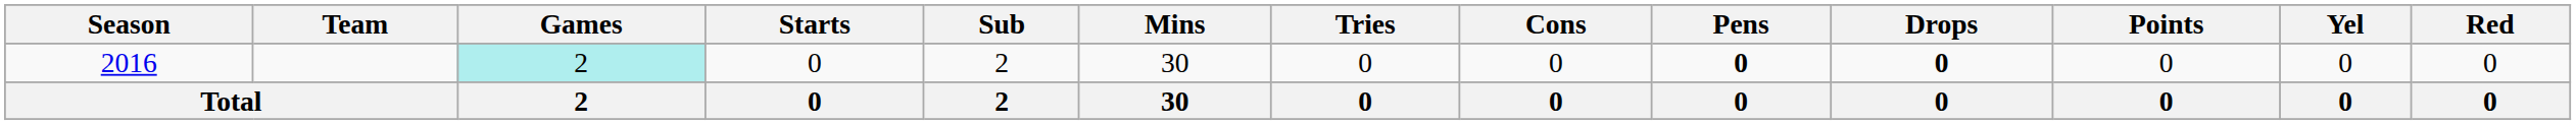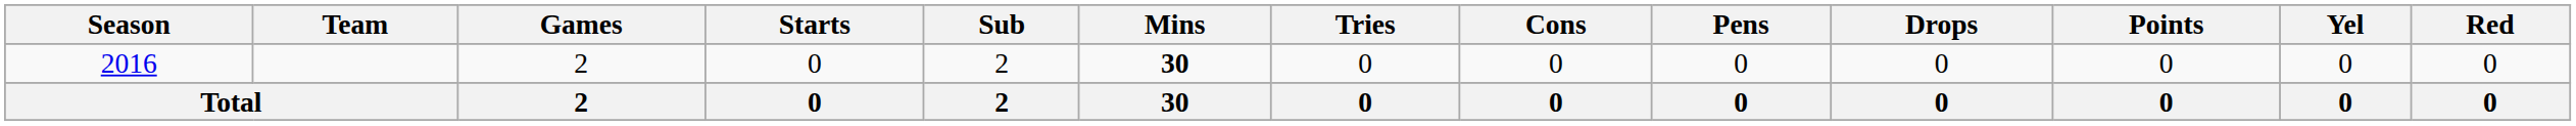 <table class="wikitable" style="text-align:center; line-height:90%; font-size:95%; width:70%;">
 <tr>
 <th>Season</th>
 <th>Team</th>
 <th>Games</th>
 <th>Starts</th>
 <th>Sub</th>
 <th>Mins</th>
 <th>Tries</th>
 <th>Cons</th>
 <th>Pens</th>
 <th>Drops</th>
 <th>Points</th>
 <th>Yel</th>
 <th>Red</th>
 </tr>
 <tr>
 <td><a href='#'>2016</a></td>
 <td></td>
-<td style="background: paleturquoise;">2</td>
+<td>2</td>
 <td>0</td>
 <td>2</td>
-<td>30</td>
+<td><strong>30</strong></td>
 <td>0</td>
 <td>0</td>
-<td><strong>0</strong></td>
-<td><strong>0</strong></td>
+<td>0</td>
+<td>0</td>
 <td>0</td>
 <td>0</td>
 <td>0</td>
 </tr>
 <tr>
 <th colspan="2">Total</th>
 <th>2</th>
 <th>0</th>
 <th>2</th>
 <th>30</th>
 <th>0</th>
 <th>0</th>
 <th>0</th>
 <th>0</th>
 <th>0</th>
 <th>0</th>
 <th>0</th>
 </tr>
 </table>
